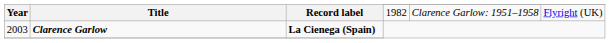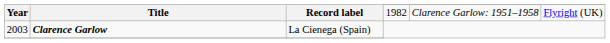 <table class="wikitable sortable">
 <tr>
 <th width="30" rowspan="2">Year</th>
 <th width="380" rowspan="2">Title</th>
 <th width="140" rowspan="2">Record label</th>
 </tr>
 <tr>
 <td>1982</td>
 <td><em>Clarence Garlow: 1951–1958</em></td>
 <td><a href='#'>Flyright</a> (UK)</td>
 </tr>
 <tr>
 <td>2003</td>
 <td><strong><em>Clarence Garlow</em></strong></td>
-<td><strong>La Cienega (Spain)</strong></td>
+<td>La Cienega (Spain)</td>
 </tr>
 <tr>
 </tr>
 </table>
